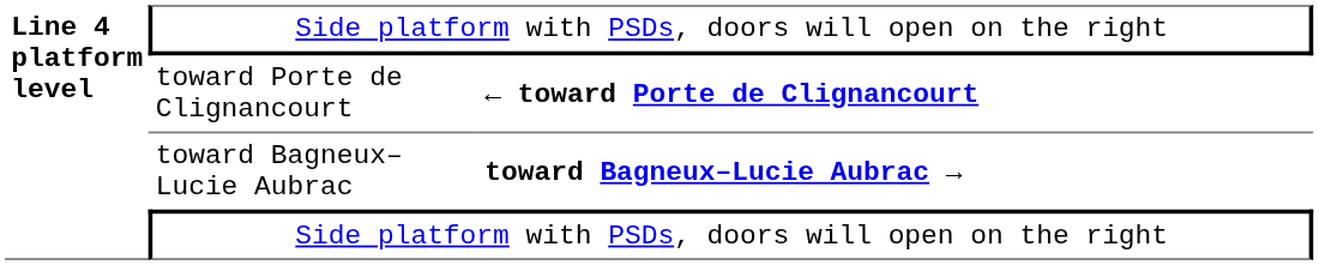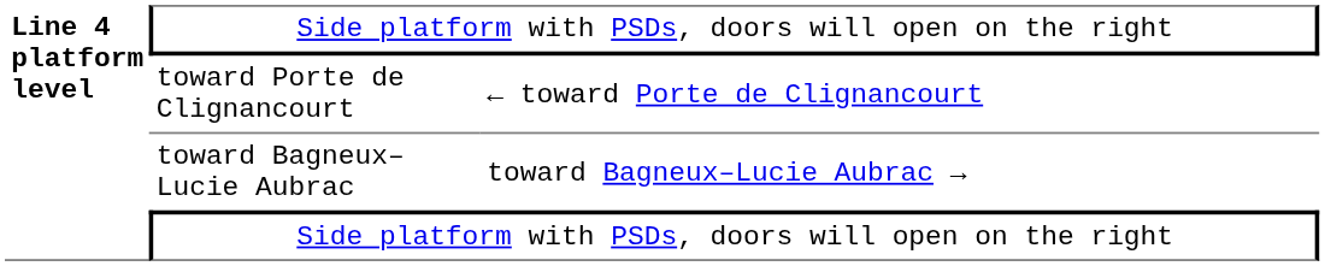 <table border=0 cellspacing=0 cellpadding=3>
 <tr>
 <td style="border-bottom:solid 1px gray;" width=50 rowspan=10 valign=top><strong>Line 4 platform level</strong></td>
 <td style="border-top:solid 1px gray;border-right:solid 2px black;border-left:solid 2px black;border-bottom:solid 2px black;text-align:center;" colspan=2><a href='#'>Side platform</a> with <a href='#'>PSDs</a>, doors will open on the right</td>
 </tr>
 <tr>
 <td style="border-bottom:solid 1px gray;" width=150>toward Porte de Clignancourt</td>
-<td style="border-bottom:solid 1px gray;" width=390><strong>←   toward <a href='#'>Porte de Clignancourt</a> </strong></td>
+<td style="border-bottom:solid 1px gray;" width=390>←   toward <a href='#'>Porte de Clignancourt</a> </td>
 </tr>
 <tr>
 <td>toward Bagneux–Lucie Aubrac</td>
-<td><strong>   toward <a href='#'>Bagneux–Lucie Aubrac</a>  →</strong></td>
+<td>   toward <a href='#'>Bagneux–Lucie Aubrac</a>  →</td>
 </tr>
 <tr>
 <td style="border-top:solid 2px black;border-right:solid 2px black;border-left:solid 2px black;border-bottom:solid 1px gray;text-align:center;" colspan=2><a href='#'>Side platform</a> with <a href='#'>PSDs</a>, doors will open on the right</td>
 </tr>
 </table>
